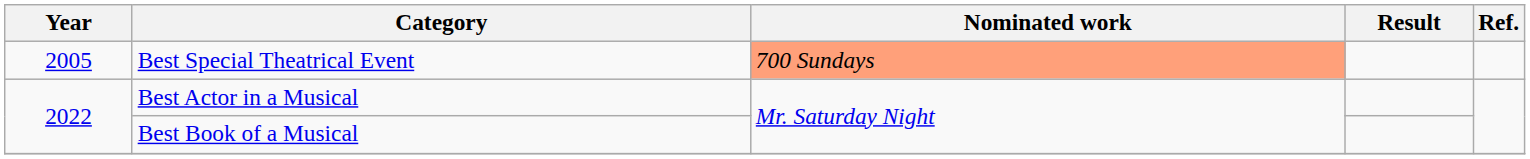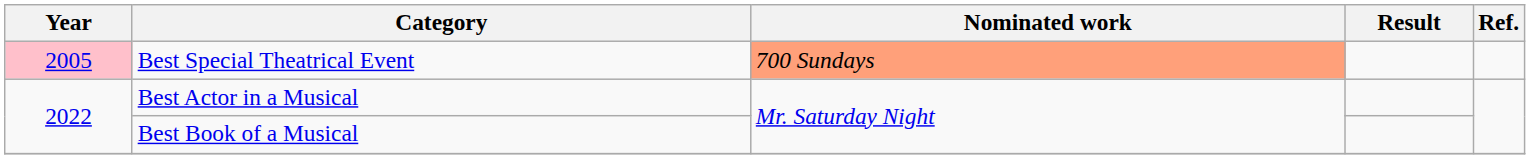 <table class=wikitable>
 <tr>
 <th scope="col" style="width:5em;">Year</th>
 <th scope="col" style="width:26em;">Category</th>
 <th scope="col" style="width:25em;">Nominated work</th>
 <th scope="col" style="width:5em;">Result</th>
 <th>Ref.</th>
 </tr>
 <tr>
-<td style="text-align:center;"><a href='#'>2005</a></td>
+<td style="background: pink; text-align:center;"><a href='#'>2005</a></td>
 <td><a href='#'>Best Special Theatrical Event</a></td>
 <td style="background: lightsalmon;"><em>700 Sundays</em></td>
 <td></td>
 <td style="text-align:center;"></td>
 </tr>
 <tr>
 <td rowspan=2 style="text-align:center;"><a href='#'>2022</a></td>
 <td><a href='#'>Best Actor in a Musical</a></td>
 <td rowspan=2><em><a href='#'>Mr. Saturday Night</a></em></td>
 <td></td>
 <td style="text-align:center;", rowspan=2></td>
 </tr>
 <tr>
 <td><a href='#'>Best Book of a Musical</a></td>
 <td></td>
 </tr>
 <tr>
 </tr>
 </table>
